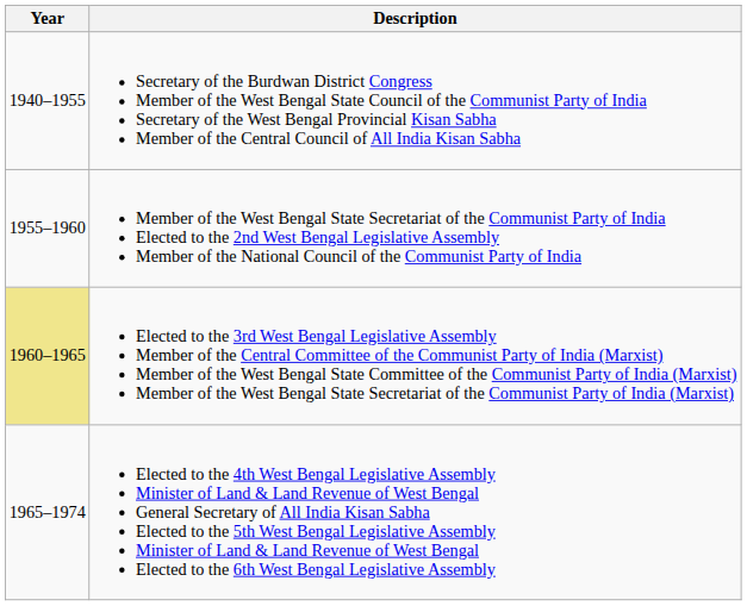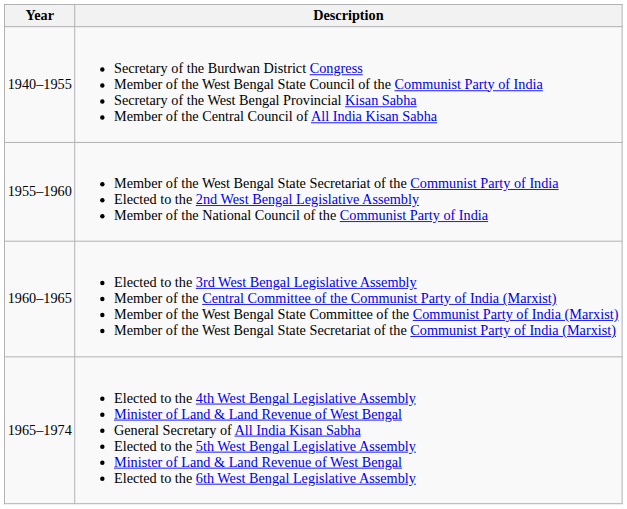 <table class="wikitable">
 <tr>
 <th>Year</th>
 <th>Description</th>
 </tr>
 <tr>
 <td>1940–1955</td>
 <td><br><ul><li>Secretary of the Burdwan District <a href='#'>Congress</a> </li><li>Member of the West Bengal State Council of the <a href='#'>Communist Party of India</a> </li><li>Secretary of the West Bengal Provincial <a href='#'>Kisan Sabha</a> </li><li>Member of the Central Council of <a href='#'>All India Kisan Sabha</a> </li></ul></td>
 </tr>
 <tr>
 <td>1955–1960</td>
 <td><br><ul><li>Member of the West Bengal State Secretariat of the <a href='#'>Communist Party of India</a> </li><li>Elected to the <a href='#'>2nd West Bengal Legislative Assembly</a> </li><li>Member of the National Council of the <a href='#'>Communist Party of India</a> </li></ul></td>
 </tr>
 <tr>
-<td style="background: khaki;">1960–1965</td>
+<td>1960–1965</td>
 <td><br><ul><li>Elected to the <a href='#'>3rd West Bengal Legislative Assembly</a> </li><li>Member of the <a href='#'>Central Committee of the Communist Party of India (Marxist)</a> </li><li>Member of the West Bengal State Committee of the <a href='#'>Communist Party of India (Marxist)</a> </li><li>Member of the West Bengal State Secretariat of the <a href='#'>Communist Party of India (Marxist)</a> </li></ul></td>
 </tr>
 <tr>
 <td>1965–1974</td>
 <td><br><ul><li>Elected to the <a href='#'>4th West Bengal Legislative Assembly</a> </li><li><a href='#'>Minister of Land & Land Revenue of West Bengal</a> </li><li>General Secretary of <a href='#'>All India Kisan Sabha</a> </li><li>Elected to the <a href='#'>5th West Bengal Legislative Assembly</a> </li><li><a href='#'>Minister of Land & Land Revenue of West Bengal</a> </li><li>Elected to the <a href='#'>6th West Bengal Legislative Assembly</a> </li></ul></td>
 </tr>
 </table>
